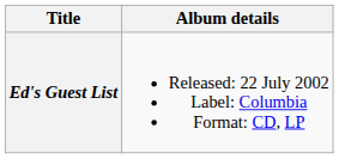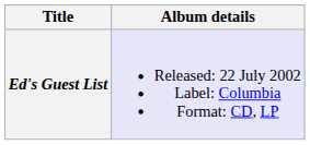 <table class="wikitable plainrowheaders" style="text-align:center;">
 <tr>
 <th scope="col">Title</th>
 <th scope="col">Album details</th>
 </tr>
 <tr>
 <th scope="row"><em>Ed's Guest List</em></th>
-<td><br><ul><li>Released: 22 July 2002</li><li>Label: <a href='#'>Columbia</a></li><li>Format: <a href='#'>CD</a>, <a href='#'>LP</a></li></ul></td>
+<td style="background: lavender;"><br><ul><li>Released: 22 July 2002</li><li>Label: <a href='#'>Columbia</a></li><li>Format: <a href='#'>CD</a>, <a href='#'>LP</a></li></ul></td>
 </tr>
 </table>
